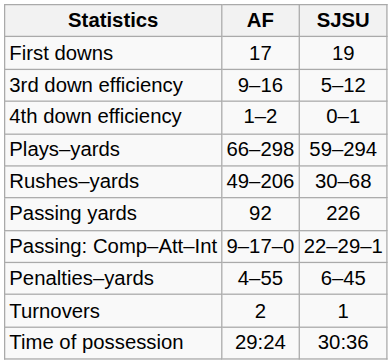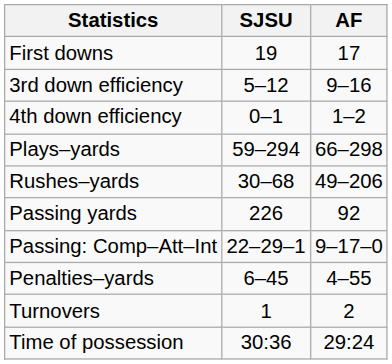 <table class="wikitable">
 <tr>
 <th>Statistics</th>
+<th>SJSU</th>
 <th>AF</th>
-<th>SJSU</th>
 </tr>
 <tr>
 <td>First downs</td>
+<td align=center>19</td>
 <td align=center>17</td>
-<td align=center>19</td>
 </tr>
 <tr>
 <td>3rd down efficiency</td>
+<td align=center>5–12</td>
 <td align=center>9–16</td>
-<td align=center>5–12</td>
 </tr>
 <tr>
 <td>4th down efficiency</td>
+<td align=center>0–1</td>
 <td align=center>1–2</td>
-<td align=center>0–1</td>
 </tr>
 <tr>
 <td>Plays–yards</td>
+<td align=center>59–294</td>
 <td align=center>66–298</td>
-<td align=center>59–294</td>
 </tr>
 <tr>
 <td>Rushes–yards</td>
+<td align=center>30–68</td>
 <td align=center>49–206</td>
-<td align=center>30–68</td>
 </tr>
 <tr>
 <td>Passing yards</td>
+<td align=center>226</td>
 <td align=center>92</td>
-<td align=center>226</td>
 </tr>
 <tr>
 <td>Passing: Comp–Att–Int</td>
+<td align=center>22–29–1</td>
 <td align=center>9–17–0</td>
-<td align=center>22–29–1</td>
 </tr>
 <tr>
 <td>Penalties–yards</td>
+<td align=center>6–45</td>
 <td align=center>4–55</td>
-<td align=center>6–45</td>
 </tr>
 <tr>
 <td>Turnovers</td>
+<td align=center>1</td>
 <td align=center>2</td>
-<td align=center>1</td>
 </tr>
 <tr>
 <td>Time of possession</td>
+<td align=center>30:36</td>
 <td align=center>29:24</td>
-<td align=center>30:36</td>
 </tr>
 </table>
